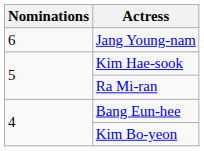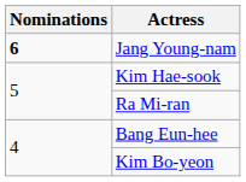 <table class="wikitable">
 <tr>
 <th>Nominations</th>
 <th>Actress</th>
 </tr>
 <tr>
-<td>6</td>
+<td><strong>6</strong></td>
 <td><a href='#'>Jang Young-nam</a></td>
 </tr>
 <tr>
 <td rowspan="2">5</td>
 <td><a href='#'>Kim Hae-sook</a></td>
 </tr>
 <tr>
 <td><a href='#'>Ra Mi-ran</a></td>
 </tr>
 <tr>
 <td rowspan="2">4</td>
 <td><a href='#'>Bang Eun-hee</a></td>
 </tr>
 <tr>
 <td><a href='#'>Kim Bo-yeon</a></td>
 </tr>
 </table>
